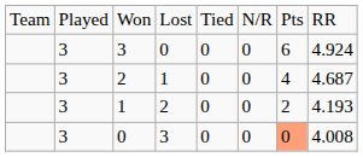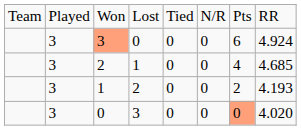 <table class=wikitable>
 <tr>
 <td>Team</td>
 <td>Played</td>
 <td>Won</td>
 <td>Lost</td>
 <td>Tied</td>
 <td>N/R</td>
 <td>Pts</td>
 <td>RR</td>
 </tr>
 <tr>
 <td></td>
 <td>3</td>
-<td>3</td>
+<td style="background: lightsalmon;">3</td>
 <td>0</td>
 <td>0</td>
 <td>0</td>
 <td>6</td>
 <td>4.924</td>
 </tr>
 <tr>
 <td></td>
 <td>3</td>
 <td>2</td>
 <td>1</td>
 <td>0</td>
 <td>0</td>
 <td>4</td>
-<td>4.687</td>
+<td>4.685</td>
 </tr>
 <tr>
 <td></td>
 <td>3</td>
 <td>1</td>
 <td>2</td>
 <td>0</td>
 <td>0</td>
 <td>2</td>
 <td>4.193</td>
 </tr>
 <tr>
 <td></td>
 <td>3</td>
 <td>0</td>
 <td>3</td>
 <td>0</td>
 <td>0</td>
 <td style="background: lightsalmon;">0</td>
-<td>4.008</td>
+<td>4.020</td>
 </tr>
 </table>
